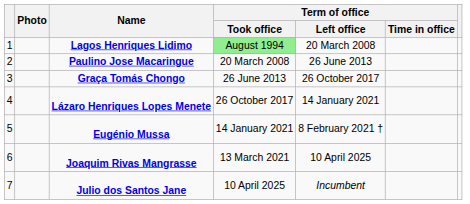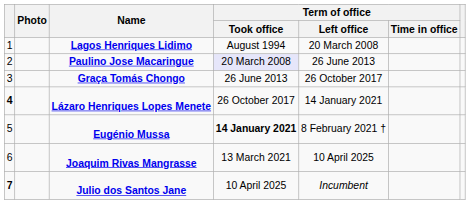 <table class="wikitable" style="text-align:center">
 <tr>
 <th rowspan=2></th>
 <th rowspan=2>Photo</th>
 <th rowspan=2>Name<br></th>
 <th colspan=3>Term of office</th>
 <th rowspan=2></th>
 </tr>
 <tr>
 <th>Took office</th>
 <th>Left office</th>
 <th>Time in office</th>
 </tr>
 <tr>
 <td>1</td>
 <td></td>
 <td><strong><a href='#'>Lagos Henriques Lidimo</a></strong></td>
-<td style="background: lightgreen;">August 1994</td>
+<td>August 1994</td>
 <td>20 March 2008</td>
 <td></td>
 <td></td>
 </tr>
 <tr>
 <td>2</td>
 <td></td>
 <td><strong><a href='#'>Paulino Jose Macaringue</a></strong></td>
-<td>20 March 2008</td>
+<td style="background: lavender;">20 March 2008</td>
 <td>26 June 2013</td>
 <td></td>
 <td></td>
 </tr>
 <tr>
 <td>3</td>
 <td></td>
 <td><strong><a href='#'>Graça Tomás Chongo</a></strong></td>
 <td>26 June 2013</td>
 <td>26 October 2017</td>
 <td></td>
 <td></td>
 </tr>
 <tr>
-<td>4</td>
+<td><strong>4</strong></td>
 <td></td>
 <td><br><strong><a href='#'>Lázaro Henriques Lopes Menete</a></strong></td>
 <td>26 October 2017</td>
 <td>14 January 2021</td>
 <td></td>
 <td></td>
 </tr>
 <tr>
 <td>5</td>
 <td></td>
 <td><br><strong><a href='#'>Eugénio Mussa</a></strong><br></td>
-<td>14 January 2021</td>
+<td><strong>14 January 2021</strong></td>
 <td>8 February 2021 †</td>
 <td></td>
 <td></td>
 </tr>
 <tr>
 <td>6</td>
 <td></td>
 <td><br><strong><a href='#'>Joaquim Rivas Mangrasse</a></strong></td>
 <td>13 March 2021</td>
 <td>10 April 2025</td>
 <td></td>
 <td></td>
 </tr>
 <tr>
-<td>7</td>
+<td><strong>7</strong></td>
 <td></td>
 <td><br><strong><a href='#'>Julio dos Santos Jane</a></strong></td>
 <td>10 April 2025</td>
 <td><em>Incumbent</em></td>
 <td></td>
 <td></td>
 </tr>
 </table>
